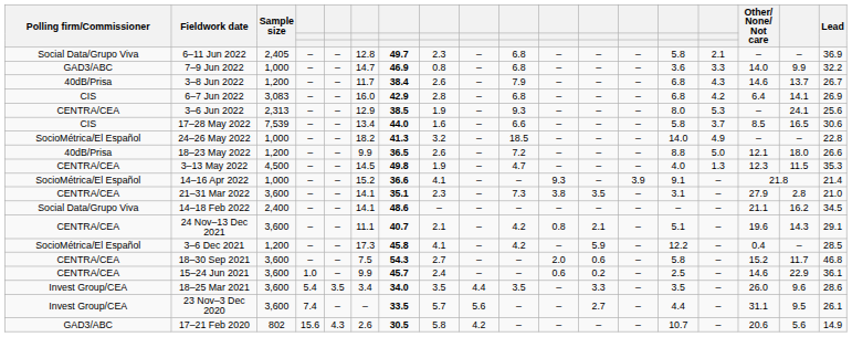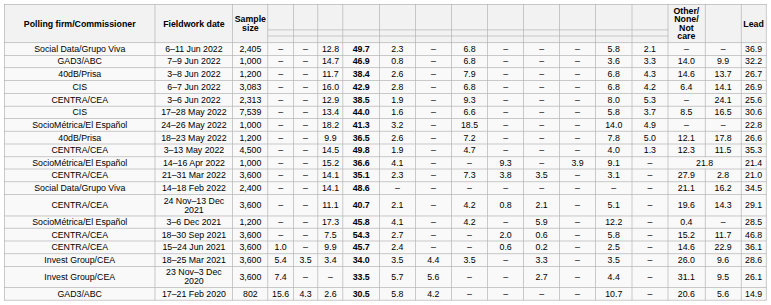 <table class="wikitable collapsible collapsed" style="text-align:center; font-size:90%; line-height:14px;">
 <tr style="height:42px;">
 <th style="width:250px;" rowspan="3">Polling firm/Commissioner</th>
 <th style="width:125px;" rowspan="3">Fieldwork date</th>
 <th style="width:50px;" rowspan="3">Sample size</th>
 <th style="width:35px;"></th>
 <th style="width:35px;"></th>
 <th style="width:35px;"></th>
 <th style="width:55px;"></th>
 <th style="width:55px;"></th>
 <th style="width:55px;"></th>
 <th style="width:55px;"></th>
 <th style="width:55px;"></th>
 <th style="width:55px;"></th>
 <th style="width:55px;"></th>
 <th style="width:55px;"></th>
 <th style="width:55px;"></th>
 <th style="width:55px;" rowspan="3">Other/<br>None/<br>Not<br>care</th>
 <th style="width:55px;" rowspan="3"></th>
 <th style="width:30px;" rowspan="3">Lead</th>
 </tr>
 <tr>
 <th style="color:inherit;background:"></th>
 <th style="color:inherit;background:"></th>
 <th style="color:inherit;background:"></th>
 <th style="color:inherit;background:"></th>
 <th style="color:inherit;background:"></th>
 <th style="color:inherit;background:"></th>
 <th style="color:inherit;background:"></th>
 <th style="color:inherit;background:"></th>
 <th style="color:inherit;background:"></th>
 <th style="color:inherit;background:"></th>
 <th style="color:inherit;background:"></th>
 <th style="color:inherit;background:"></th>
 </tr>
 <tr>
 <th></th>
 <th></th>
 <th></th>
 <th></th>
 <th></th>
 <th></th>
 <th></th>
 <th></th>
 <th></th>
 <th></th>
 <th></th>
 <th></th>
 </tr>
 <tr>
 <td>Social Data/Grupo Viva</td>
 <td>6–11 Jun 2022</td>
 <td>2,405</td>
 <td>–</td>
 <td>–</td>
 <td>12.8</td>
 <td><strong>49.7</strong></td>
 <td>2.3</td>
 <td>–</td>
 <td>6.8</td>
 <td>–</td>
 <td>–</td>
 <td>–</td>
 <td>5.8</td>
 <td>2.1</td>
 <td>–</td>
 <td>–</td>
 <td style="background:">36.9</td>
 </tr>
 <tr>
 <td>GAD3/ABC</td>
 <td>7–9 Jun 2022</td>
 <td>1,000</td>
 <td>–</td>
 <td>–</td>
 <td>14.7</td>
 <td><strong>46.9</strong></td>
 <td>0.8</td>
 <td>–</td>
 <td>6.8</td>
 <td>–</td>
 <td>–</td>
 <td>–</td>
 <td>3.6</td>
 <td>3.3</td>
 <td>14.0</td>
 <td>9.9</td>
 <td style="background:">32.2</td>
 </tr>
 <tr>
 <td>40dB/Prisa</td>
 <td>3–8 Jun 2022</td>
 <td>1,200</td>
 <td>–</td>
 <td>–</td>
 <td>11.7</td>
 <td><strong>38.4</strong></td>
 <td>2.6</td>
 <td>–</td>
 <td>7.9</td>
 <td>–</td>
 <td>–</td>
 <td>–</td>
 <td>6.8</td>
 <td>4.3</td>
 <td>14.6</td>
 <td>13.7</td>
 <td style="background:">26.7</td>
 </tr>
 <tr>
 <td>CIS</td>
 <td>6–7 Jun 2022</td>
 <td>3,083</td>
 <td>–</td>
 <td>–</td>
 <td>16.0</td>
 <td><strong>42.9</strong></td>
 <td>2.8</td>
 <td>–</td>
 <td>6.8</td>
 <td>–</td>
 <td>–</td>
 <td>–</td>
 <td>6.8</td>
 <td>4.2</td>
 <td>6.4</td>
 <td>14.1</td>
 <td style="background:">26.9</td>
 </tr>
 <tr>
 <td>CENTRA/CEA</td>
 <td>3–6 Jun 2022</td>
 <td>2,313</td>
 <td>–</td>
 <td>–</td>
 <td>12.9</td>
 <td><strong>38.5</strong></td>
 <td>1.9</td>
 <td>–</td>
 <td>9.3</td>
 <td>–</td>
 <td>–</td>
 <td>–</td>
 <td>8.0</td>
 <td>5.3</td>
 <td>–</td>
 <td>24.1</td>
 <td style="background:">25.6</td>
 </tr>
 <tr>
 <td>CIS</td>
 <td>17–28 May 2022</td>
 <td>7,539</td>
 <td>–</td>
 <td>–</td>
 <td>13.4</td>
 <td><strong>44.0</strong></td>
 <td>1.6</td>
 <td>–</td>
 <td>6.6</td>
 <td>–</td>
 <td>–</td>
 <td>–</td>
 <td>5.8</td>
 <td>3.7</td>
 <td>8.5</td>
 <td>16.5</td>
 <td style="background:">30.6</td>
 </tr>
 <tr>
 <td>SocioMétrica/El Español</td>
 <td>24–26 May 2022</td>
 <td>1,000</td>
 <td>–</td>
 <td>–</td>
 <td>18.2</td>
 <td><strong>41.3</strong></td>
 <td>3.2</td>
 <td>–</td>
 <td>18.5</td>
 <td>–</td>
 <td>–</td>
 <td>–</td>
 <td>14.0</td>
 <td>4.9</td>
 <td>–</td>
 <td>–</td>
 <td style="background:">22.8</td>
 </tr>
 <tr>
 <td>40dB/Prisa</td>
 <td>18–23 May 2022</td>
 <td>1,200</td>
 <td>–</td>
 <td>–</td>
 <td>9.9</td>
 <td><strong>36.5</strong></td>
 <td>2.6</td>
 <td>–</td>
 <td>7.2</td>
 <td>–</td>
 <td>–</td>
 <td>–</td>
-<td>8.8</td>
+<td>7.8</td>
 <td>5.0</td>
 <td>12.1</td>
-<td>18.0</td>
+<td>17.8</td>
 <td style="background:">26.6</td>
 </tr>
 <tr>
 <td>CENTRA/CEA</td>
 <td>3–13 May 2022</td>
 <td>4,500</td>
 <td>–</td>
 <td>–</td>
 <td>14.5</td>
 <td><strong>49.8</strong></td>
 <td>1.9</td>
 <td>–</td>
 <td>4.7</td>
 <td>–</td>
 <td>–</td>
 <td>–</td>
 <td>4.0</td>
 <td>1.3</td>
 <td>12.3</td>
 <td>11.5</td>
 <td style="background:">35.3</td>
 </tr>
 <tr>
 <td>SocioMétrica/El Español</td>
 <td>14–16 Apr 2022</td>
 <td>1,000</td>
 <td>–</td>
 <td>–</td>
 <td>15.2</td>
 <td><strong>36.6</strong></td>
 <td>4.1</td>
 <td>–</td>
 <td>–</td>
 <td>9.3</td>
 <td>–</td>
 <td>3.9</td>
 <td>9.1</td>
 <td>–</td>
 <td colspan="2">21.8</td>
 <td style="background:">21.4</td>
 </tr>
 <tr>
 <td>CENTRA/CEA</td>
 <td>21–31 Mar 2022</td>
 <td>3,600</td>
 <td>–</td>
 <td>–</td>
 <td>14.1</td>
 <td><strong>35.1</strong></td>
 <td>2.3</td>
 <td>–</td>
 <td>7.3</td>
 <td>3.8</td>
 <td>3.5</td>
 <td>–</td>
 <td>3.1</td>
 <td>–</td>
 <td>27.9</td>
 <td>2.8</td>
 <td style="background:">21.0</td>
 </tr>
 <tr>
 <td>Social Data/Grupo Viva</td>
 <td>14–18 Feb 2022</td>
 <td>2,400</td>
 <td>–</td>
 <td>–</td>
 <td>14.1</td>
 <td><strong>48.6</strong></td>
 <td>–</td>
 <td>–</td>
 <td>–</td>
 <td>–</td>
 <td>–</td>
 <td>–</td>
 <td>–</td>
 <td>–</td>
 <td>21.1</td>
 <td>16.2</td>
 <td style="background:">34.5</td>
 </tr>
 <tr>
 <td>CENTRA/CEA</td>
 <td>24 Nov–13 Dec 2021</td>
 <td>3,600</td>
 <td>–</td>
 <td>–</td>
 <td>11.1</td>
 <td><strong>40.7</strong></td>
 <td>2.1</td>
 <td>–</td>
 <td>4.2</td>
 <td>0.8</td>
 <td>2.1</td>
 <td>–</td>
 <td>5.1</td>
 <td>–</td>
 <td>19.6</td>
 <td>14.3</td>
 <td style="background:">29.1</td>
 </tr>
 <tr>
 <td>SocioMétrica/El Español</td>
 <td>3–6 Dec 2021</td>
 <td>1,200</td>
 <td>–</td>
 <td>–</td>
 <td>17.3</td>
 <td><strong>45.8</strong></td>
 <td>4.1</td>
 <td>–</td>
 <td>4.2</td>
 <td>–</td>
 <td>5.9</td>
 <td>–</td>
 <td>12.2</td>
 <td>–</td>
 <td>0.4</td>
 <td>–</td>
 <td style="background:">28.5</td>
 </tr>
 <tr>
 <td>CENTRA/CEA</td>
 <td>18–30 Sep 2021</td>
 <td>3,600</td>
 <td>–</td>
 <td>–</td>
 <td>7.5</td>
 <td><strong>54.3</strong></td>
 <td>2.7</td>
 <td>–</td>
 <td>–</td>
 <td>2.0</td>
 <td>0.6</td>
 <td>–</td>
 <td>5.8</td>
 <td>–</td>
 <td>15.2</td>
 <td>11.7</td>
 <td style="background:">46.8</td>
 </tr>
 <tr>
 <td>CENTRA/CEA</td>
 <td>15–24 Jun 2021</td>
 <td>3,600</td>
 <td>1.0</td>
 <td>–</td>
 <td>9.9</td>
 <td><strong>45.7</strong></td>
 <td>2.4</td>
 <td>–</td>
 <td>–</td>
 <td>0.6</td>
 <td>0.2</td>
 <td>–</td>
 <td>2.5</td>
 <td>–</td>
 <td>14.6</td>
 <td>22.9</td>
 <td style="background:">36.1</td>
 </tr>
 <tr>
 <td>Invest Group/CEA</td>
 <td>18–25 Mar 2021</td>
 <td>3,600</td>
 <td>5.4</td>
 <td>3.5</td>
 <td>3.4</td>
 <td><strong>34.0</strong></td>
 <td>3.5</td>
 <td>4.4</td>
 <td>3.5</td>
 <td>–</td>
 <td>3.3</td>
 <td>–</td>
 <td>3.5</td>
 <td>–</td>
 <td>26.0</td>
 <td>9.6</td>
 <td style="background:">28.6</td>
 </tr>
 <tr>
 <td>Invest Group/CEA</td>
 <td>23 Nov–3 Dec 2020</td>
 <td>3,600</td>
 <td>7.4</td>
 <td>–</td>
 <td>–</td>
 <td><strong>33.5</strong></td>
 <td>5.7</td>
 <td>5.6</td>
 <td>–</td>
 <td>–</td>
 <td>2.7</td>
 <td>–</td>
 <td>4.4</td>
 <td>–</td>
 <td>31.1</td>
 <td>9.5</td>
 <td style="background:">26.1</td>
 </tr>
 <tr>
 <td>GAD3/ABC</td>
 <td>17–21 Feb 2020</td>
 <td>802</td>
 <td>15.6</td>
 <td>4.3</td>
 <td>2.6</td>
 <td><strong>30.5</strong></td>
 <td>5.8</td>
 <td>4.2</td>
 <td>–</td>
 <td>–</td>
 <td>–</td>
 <td>–</td>
 <td>10.7</td>
 <td>–</td>
 <td>20.6</td>
 <td>5.6</td>
 <td style="background:">14.9</td>
 </tr>
 </table>
